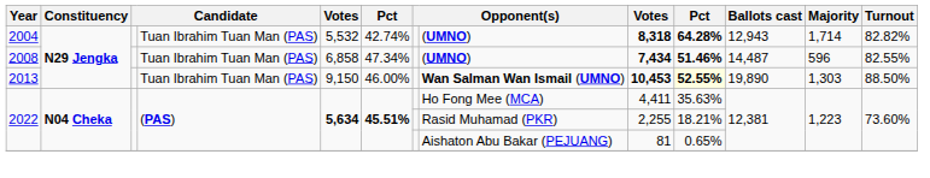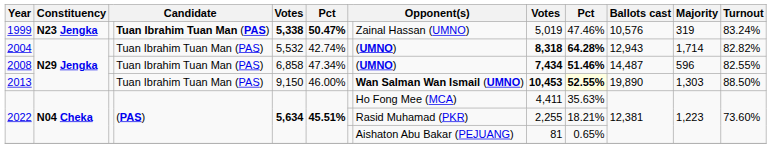 <table class="wikitable" style="margin:0.5em ; font-size:95%">
 <tr>
 <th>Year</th>
 <th>Constituency</th>
 <th colspan=2>Candidate</th>
 <th>Votes</th>
 <th>Pct</th>
 <th colspan=2>Opponent(s)</th>
 <th>Votes</th>
 <th>Pct</th>
 <th>Ballots cast</th>
 <th>Majority</th>
 <th>Turnout</th>
+</tr>
+<tr>
+<td><a href='#'>1999</a></td>
+<td><strong>N23 <a href='#'>Jengka</a></strong></td>
+<td></td>
+<td><strong>Tuan Ibrahim Tuan Man</strong> (<a href='#'><strong>PAS</strong></a>)</td>
+<td align="right"><strong>5,338</strong></td>
+<td><strong>50.47%</strong></td>
+<td></td>
+<td>Zainal Hassan (<a href='#'>UMNO</a>)</td>
+<td align="right">5,019</td>
+<td>47.46%</td>
+<td>10,576</td>
+<td>319</td>
+<td>83.24%</td>
 </tr>
 <tr>
 <td><a href='#'>2004</a></td>
 <td rowspan="3"><strong>N29 <a href='#'>Jengka</a></strong></td>
 <td></td>
 <td>Tuan Ibrahim Tuan Man (<a href='#'>PAS</a>)</td>
 <td align="right">5,532</td>
 <td>42.74%</td>
 <td></td>
 <td> (<a href='#'><strong>UMNO</strong></a>)</td>
 <td align="right"><strong>8,318</strong></td>
 <td><strong>64.28%</strong></td>
 <td>12,943</td>
 <td>1,714</td>
 <td>82.82%</td>
 </tr>
 <tr>
 <td><a href='#'>2008</a></td>
 <td></td>
 <td>Tuan Ibrahim Tuan Man (<a href='#'>PAS</a>)</td>
 <td align="right">6,858</td>
 <td>47.34%</td>
 <td></td>
 <td> (<a href='#'><strong>UMNO</strong></a>)</td>
 <td align="right"><strong>7,434</strong></td>
 <td><strong>51.46%</strong></td>
 <td>14,487</td>
 <td>596</td>
 <td>82.55%</td>
 </tr>
 <tr>
 <td><a href='#'>2013</a></td>
 <td></td>
 <td>Tuan Ibrahim Tuan Man (<a href='#'>PAS</a>)</td>
 <td align="right">9,150</td>
 <td>46.00%</td>
 <td></td>
 <td><strong>Wan Salman Wan Ismail</strong> (<a href='#'><strong>UMNO</strong></a>)</td>
 <td align="right"><strong>10,453</strong></td>
 <td style="background: lightyellow;"><strong>52.55%</strong></td>
 <td>19,890</td>
 <td>1,303</td>
 <td>88.50%</td>
 </tr>
 <tr>
 <td rowspan="3"><a href='#'>2022</a></td>
 <td rowspan="3"><strong>N04 <a href='#'>Cheka</a></strong></td>
 <td rowspan="3" bgcolor=></td>
 <td rowspan="3"> (<a href='#'><strong>PAS</strong></a>)</td>
 <td rowspan="3" align="right"><strong>5,634</strong></td>
 <td rowspan="3"><strong>45.51%</strong></td>
 <td></td>
 <td>Ho Fong Mee (<a href='#'>MCA</a>)</td>
 <td align="right">4,411</td>
 <td>35.63%</td>
 <td rowspan="3">12,381</td>
 <td rowspan="3">1,223</td>
 <td rowspan="3">73.60%</td>
 </tr>
 <tr>
 <td></td>
 <td>Rasid Muhamad (<a href='#'>PKR</a>)</td>
 <td align="right">2,255</td>
 <td>18.21%</td>
 </tr>
 <tr>
 <td></td>
 <td>Aishaton Abu Bakar (<a href='#'>PEJUANG</a>)</td>
 <td align="right">81</td>
 <td align=right>0.65%</td>
 </tr>
 <tr>
 </tr>
 </table>
